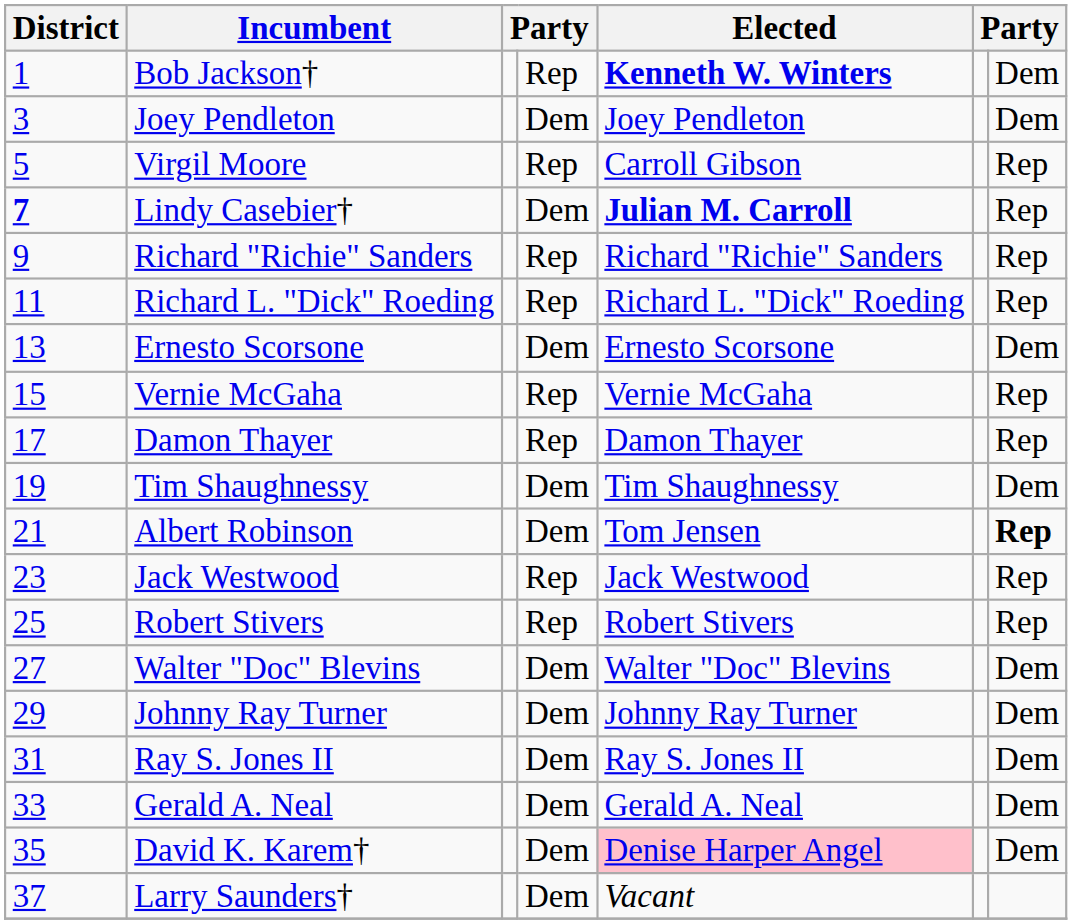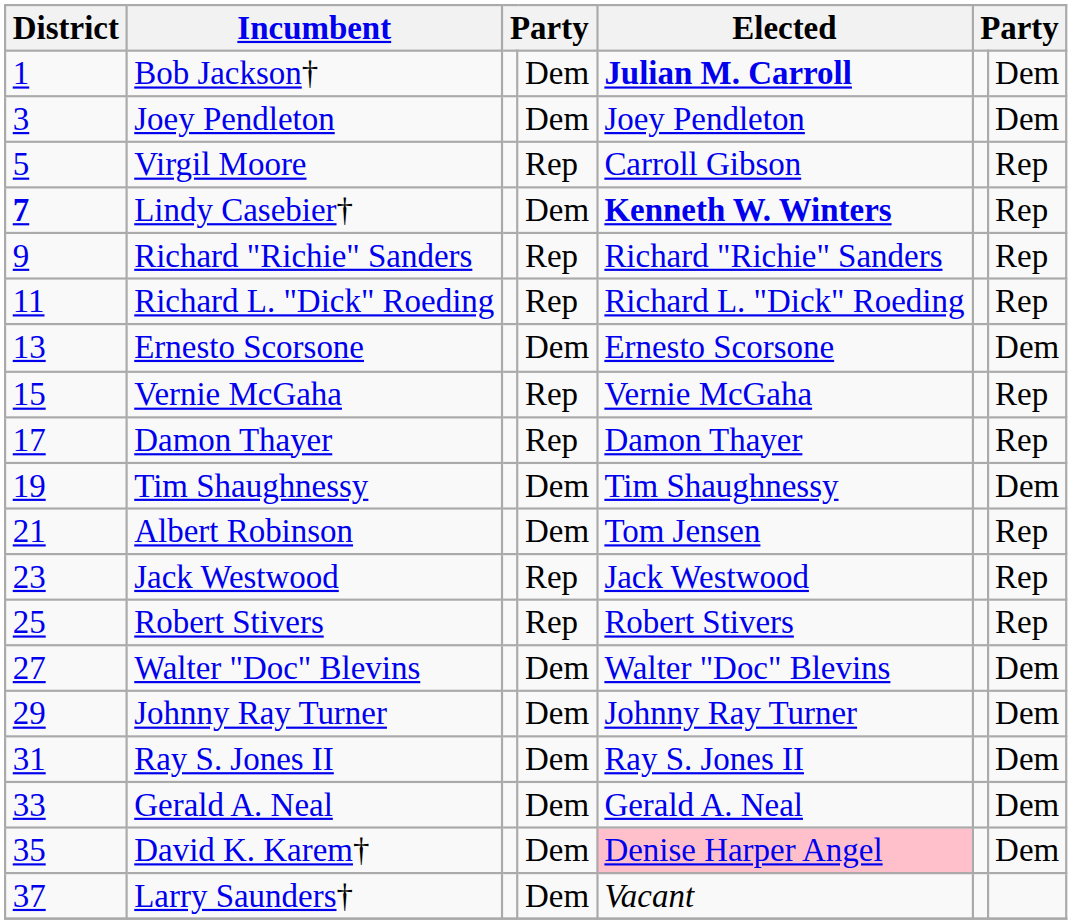 <table class="sortable wikitable" style="font-size:95%;line-height:14px;">
 <tr>
 <th class="unsortable">District</th>
 <th class="unsortable"><a href='#'>Incumbent</a></th>
 <th colspan="2">Party</th>
 <th class="unsortable">Elected</th>
 <th colspan="2">Party</th>
 </tr>
 <tr>
 <td><a href='#'>1</a></td>
 <td><a href='#'>Bob Jackson</a>†</td>
 <td style="background:"></td>
-<td>Rep</td>
-<td><strong><a href='#'>Kenneth W. Winters</a></strong></td>
+<td>Dem</td>
+<td><strong><a href='#'>Julian M. Carroll</a></strong></td>
 <td style="background:"></td>
 <td>Dem</td>
 </tr>
 <tr>
 <td><a href='#'>3</a></td>
 <td><a href='#'>Joey Pendleton</a></td>
 <td style="background:"></td>
 <td>Dem</td>
 <td><a href='#'>Joey Pendleton</a></td>
 <td style="background:"></td>
 <td>Dem</td>
 </tr>
 <tr>
 <td><a href='#'>5</a></td>
 <td><a href='#'>Virgil Moore</a></td>
 <td style="background:"></td>
 <td>Rep</td>
 <td><a href='#'>Carroll Gibson</a></td>
 <td style="background:"></td>
 <td>Rep</td>
 </tr>
 <tr>
 <td><strong><a href='#'>7</a></strong></td>
 <td><a href='#'>Lindy Casebier</a>†</td>
 <td style="background:"></td>
 <td>Dem</td>
-<td><strong><a href='#'>Julian M. Carroll</a></strong></td>
+<td><strong><a href='#'>Kenneth W. Winters</a></strong></td>
 <td style="background:"></td>
 <td>Rep</td>
 </tr>
 <tr>
 <td><a href='#'>9</a></td>
 <td><a href='#'>Richard "Richie" Sanders</a></td>
 <td style="background:"></td>
 <td>Rep</td>
 <td><a href='#'>Richard "Richie" Sanders</a></td>
 <td style="background:"></td>
 <td>Rep</td>
 </tr>
 <tr>
 <td><a href='#'>11</a></td>
 <td><a href='#'>Richard L. "Dick" Roeding</a></td>
 <td style="background:"></td>
 <td>Rep</td>
 <td><a href='#'>Richard L. "Dick" Roeding</a></td>
 <td style="background:"></td>
 <td>Rep</td>
 </tr>
 <tr>
 <td><a href='#'>13</a></td>
 <td><a href='#'>Ernesto Scorsone</a></td>
 <td style="background:"></td>
 <td>Dem</td>
 <td><a href='#'>Ernesto Scorsone</a></td>
 <td style="background:"></td>
 <td>Dem</td>
 </tr>
 <tr>
 <td><a href='#'>15</a></td>
 <td><a href='#'>Vernie McGaha</a></td>
 <td style="background:"></td>
 <td>Rep</td>
 <td><a href='#'>Vernie McGaha</a></td>
 <td style="background:"></td>
 <td>Rep</td>
 </tr>
 <tr>
 <td><a href='#'>17</a></td>
 <td><a href='#'>Damon Thayer</a></td>
 <td style="background:"></td>
 <td>Rep</td>
 <td><a href='#'>Damon Thayer</a></td>
 <td style="background:"></td>
 <td>Rep</td>
 </tr>
 <tr>
 <td><a href='#'>19</a></td>
 <td><a href='#'>Tim Shaughnessy</a></td>
 <td style="background:"></td>
 <td>Dem</td>
 <td><a href='#'>Tim Shaughnessy</a></td>
 <td style="background:"></td>
 <td>Dem</td>
 </tr>
 <tr>
 <td><a href='#'>21</a></td>
 <td><a href='#'>Albert Robinson</a></td>
 <td style="background:"></td>
 <td>Dem</td>
 <td><a href='#'>Tom Jensen</a></td>
 <td style="background:"></td>
-<td><strong>Rep</strong></td>
+<td>Rep</td>
 </tr>
 <tr>
 <td><a href='#'>23</a></td>
 <td><a href='#'>Jack Westwood</a></td>
 <td style="background:"></td>
 <td>Rep</td>
 <td><a href='#'>Jack Westwood</a></td>
 <td style="background:"></td>
 <td>Rep</td>
 </tr>
 <tr>
 <td><a href='#'>25</a></td>
 <td><a href='#'>Robert Stivers</a></td>
 <td style="background:"></td>
 <td>Rep</td>
 <td><a href='#'>Robert Stivers</a></td>
 <td style="background:"></td>
 <td>Rep</td>
 </tr>
 <tr>
 <td><a href='#'>27</a></td>
 <td><a href='#'>Walter "Doc" Blevins</a></td>
 <td style="background:"></td>
 <td>Dem</td>
 <td><a href='#'>Walter "Doc" Blevins</a></td>
 <td style="background:"></td>
 <td>Dem</td>
 </tr>
 <tr>
 <td><a href='#'>29</a></td>
 <td><a href='#'>Johnny Ray Turner</a></td>
 <td style="background:"></td>
 <td>Dem</td>
 <td><a href='#'>Johnny Ray Turner</a></td>
 <td style="background:"></td>
 <td>Dem</td>
 </tr>
 <tr>
 <td><a href='#'>31</a></td>
 <td><a href='#'>Ray S. Jones II</a></td>
 <td style="background:"></td>
 <td>Dem</td>
 <td><a href='#'>Ray S. Jones II</a></td>
 <td style="background:"></td>
 <td>Dem</td>
 </tr>
 <tr>
 <td><a href='#'>33</a></td>
 <td><a href='#'>Gerald A. Neal</a></td>
 <td style="background:"></td>
 <td>Dem</td>
 <td><a href='#'>Gerald A. Neal</a></td>
 <td style="background:"></td>
 <td>Dem</td>
 </tr>
 <tr>
 <td><a href='#'>35</a></td>
 <td><a href='#'>David K. Karem</a>†</td>
 <td style="background:"></td>
 <td>Dem</td>
 <td style="background: pink;"><a href='#'>Denise Harper Angel</a></td>
 <td style="background:"></td>
 <td>Dem</td>
 </tr>
 <tr>
 <td><a href='#'>37</a></td>
 <td><a href='#'>Larry Saunders</a>†</td>
 <td style="background:"></td>
 <td>Dem</td>
 <td><em>Vacant</em></td>
 <td></td>
 <td></td>
 </tr>
 <tr>
 </tr>
 </table>
